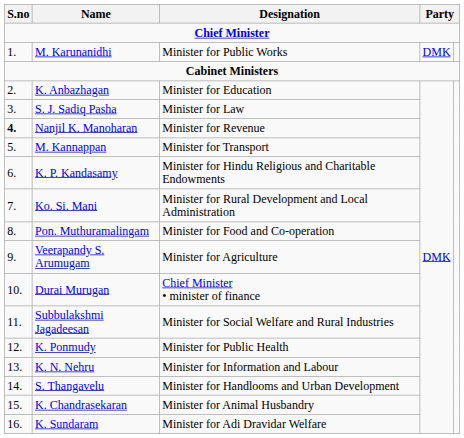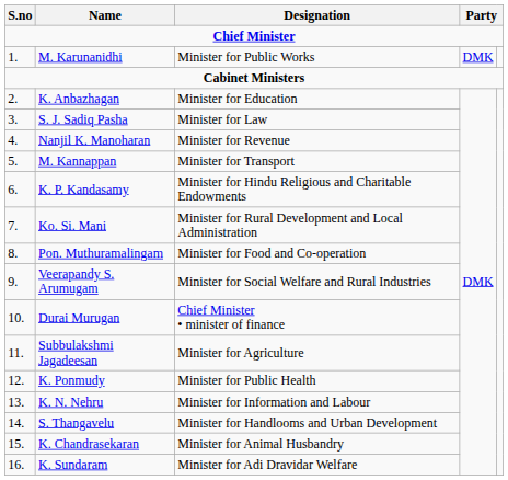 <table class="wikitable">
 <tr>
 <th>S.no</th>
 <th>Name</th>
 <th>Designation</th>
 <th colspan="2" scope="col">Party</th>
 </tr>
 <tr>
 <td colspan="5" style="text-align: center;"><strong><a href='#'>Chief Minister</a></strong></td>
 </tr>
 <tr>
 <td>1.</td>
 <td><a href='#'>M. Karunanidhi</a></td>
 <td>Minister for Public Works</td>
 <td><a href='#'>DMK</a></td>
 <td width="1px" style="background-color: "></td>
 </tr>
 <tr>
 <td colspan="5" style="text-align: center;"><strong>Cabinet Ministers</strong></td>
 </tr>
 <tr>
 <td>2.</td>
 <td><a href='#'>K. Anbazhagan</a></td>
 <td>Minister for Education</td>
 <td rowspan="32"><a href='#'>DMK</a></td>
 <td rowspan="32" width="1px" style="background-color: "></td>
 </tr>
 <tr>
 <td>3.</td>
 <td><a href='#'>S. J. Sadiq Pasha</a></td>
 <td>Minister for Law</td>
 </tr>
 <tr>
-<td><strong>4.</strong></td>
+<td>4.</td>
 <td><a href='#'>Nanjil K. Manoharan</a></td>
 <td>Minister for Revenue</td>
 </tr>
 <tr>
 <td>5.</td>
 <td><a href='#'>M. Kannappan</a></td>
 <td>Minister for Transport</td>
 </tr>
 <tr>
 <td>6.</td>
 <td><a href='#'>K. P. Kandasamy</a></td>
 <td>Minister for Hindu Religious and Charitable Endowments</td>
 </tr>
 <tr>
 <td>7.</td>
 <td><a href='#'>Ko. Si. Mani</a></td>
 <td>Minister for Rural  Development and Local Administration</td>
 </tr>
 <tr>
 <td>8.</td>
 <td><a href='#'>Pon. Muthuramalingam</a></td>
 <td>Minister for Food and Co-operation</td>
 </tr>
 <tr>
 <td>9.</td>
 <td><a href='#'>Veerapandy S. Arumugam</a></td>
-<td>Minister for Agriculture</td>
+<td>Minister for Social Welfare and Rural Industries</td>
 </tr>
 <tr>
 <td>10.</td>
 <td><a href='#'>Durai Murugan</a></td>
 <td><a href='#'>Chief Minister</a><br>• minister of finance</td>
 </tr>
 <tr>
 <td>11.</td>
 <td><a href='#'>Subbulakshmi Jagadeesan</a></td>
-<td>Minister for Social Welfare and Rural Industries</td>
+<td>Minister for Agriculture</td>
 </tr>
 <tr>
 <td>12.</td>
 <td><a href='#'>K. Ponmudy</a></td>
 <td>Minister for Public Health</td>
 </tr>
 <tr>
 <td>13.</td>
 <td><a href='#'>K. N. Nehru</a></td>
 <td>Minister for Information and Labour</td>
 </tr>
 <tr>
 <td>14.</td>
 <td><a href='#'>S. Thangavelu</a></td>
 <td>Minister for Handlooms and Urban Development</td>
 </tr>
 <tr>
 <td>15.</td>
 <td><a href='#'>K. Chandrasekaran</a></td>
 <td>Minister for Animal Husbandry</td>
 </tr>
 <tr>
 <td>16.</td>
 <td><a href='#'>K. Sundaram</a></td>
 <td>Minister for Adi Dravidar Welfare</td>
 </tr>
 </table>
